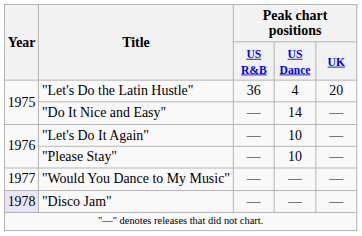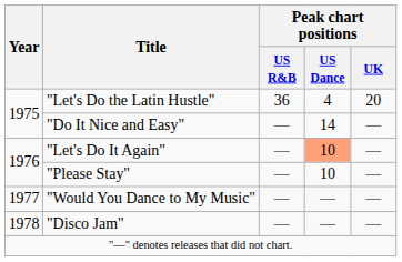 <table class="wikitable">
 <tr>
 <th scope="col" rowspan="2">Year</th>
 <th scope="col" rowspan="2">Title</th>
 <th scope="col" colspan="3">Peak chart positions</th>
 </tr>
 <tr>
 <th style="width:40px;"><small><a href='#'>US R&B</a></small><br></th>
 <th style="width:40px;"><small><a href='#'>US Dance</a></small><br></th>
 <th style="width:40px;"><small><a href='#'>UK</a></small><br></th>
 </tr>
 <tr>
 <td rowspan=2>1975</td>
 <td>"Let's Do the Latin Hustle"</td>
 <td align=center>36</td>
 <td align=center>4</td>
 <td align=center>20</td>
 </tr>
 <tr>
 <td>"Do It Nice and Easy"</td>
 <td align=center>—</td>
 <td align=center>14</td>
 <td align=center>—</td>
 </tr>
 <tr>
 <td rowspan=2>1976</td>
 <td>"Let's Do It Again"</td>
 <td align=center>—</td>
-<td align=center>10</td>
+<td align=center style="background: lightsalmon;">10</td>
 <td align=center>—</td>
 </tr>
 <tr>
 <td>"Please Stay"</td>
 <td align=center>—</td>
 <td align=center>10</td>
 <td align=center>—</td>
 </tr>
 <tr>
 <td>1977</td>
 <td>"Would You Dance to My Music"</td>
 <td align=center>—</td>
 <td align=center>—</td>
 <td align=center>—</td>
 </tr>
 <tr>
-<td style="background: lavender;">1978</td>
+<td>1978</td>
 <td>"Disco Jam"</td>
 <td align=center>—</td>
 <td align=center>—</td>
 <td align=center>—</td>
 </tr>
 <tr>
 <td colspan="7" style="text-align:center; font-size:9pt;">"—" denotes releases that did not chart.</td>
 </tr>
 </table>
